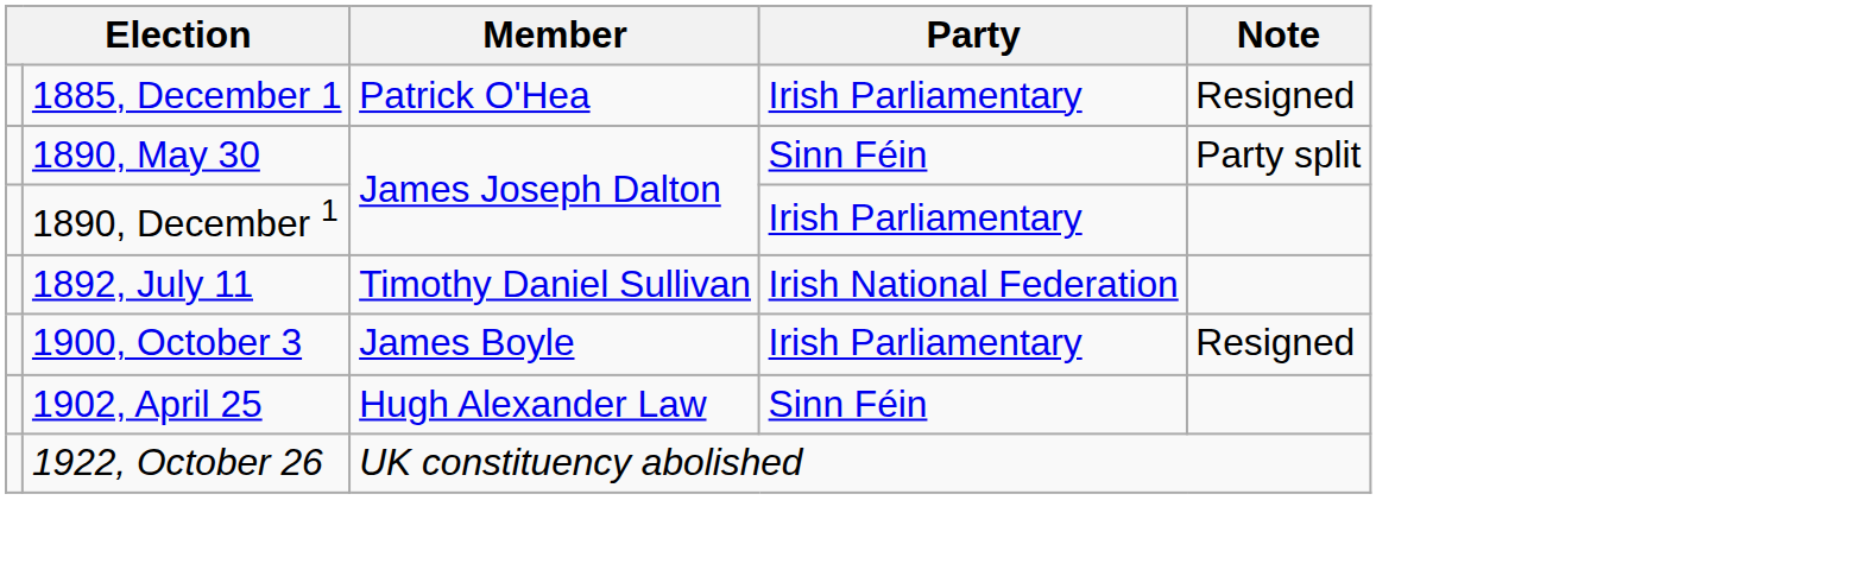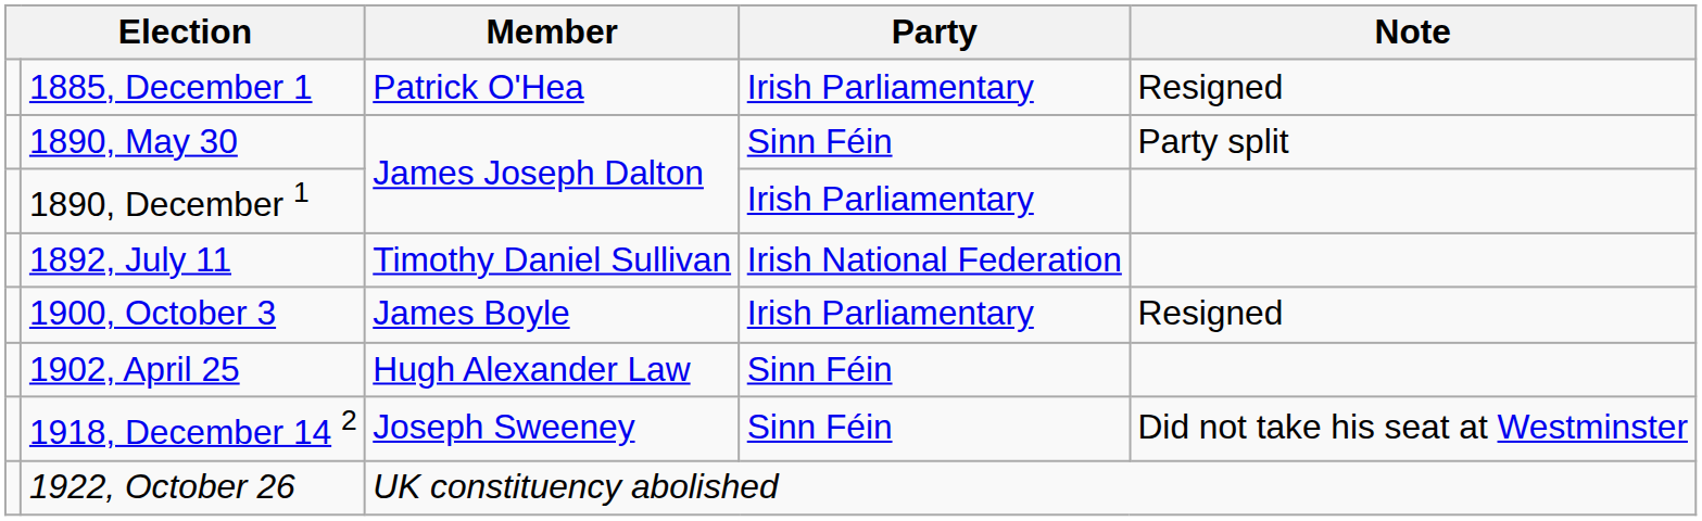 <table class="wikitable">
 <tr>
 <th colspan="2">Election</th>
 <th>Member </th>
 <th>Party</th>
 <th>Note</th>
 </tr>
 <tr>
 <td style="color:inherit;background-color: "></td>
 <td><a href='#'>1885, December 1</a></td>
 <td><a href='#'>Patrick O'Hea</a></td>
 <td><a href='#'>Irish Parliamentary</a></td>
 <td>Resigned</td>
 </tr>
 <tr>
 <td style="color:inherit;background-color: "></td>
 <td><a href='#'>1890, May 30</a></td>
 <td rowspan="2"><a href='#'>James Joseph Dalton</a></td>
 <td><a href='#'>Sinn Féin</a></td>
 <td>Party split</td>
 </tr>
 <tr>
 <td style="color:inherit;background-color: "></td>
 <td>1890, December <sup>1</sup></td>
 <td><a href='#'>Irish Parliamentary</a></td>
 <td></td>
 </tr>
 <tr>
 <td style="color:inherit;background-color: "></td>
 <td><a href='#'>1892, July 11</a></td>
 <td><a href='#'>Timothy Daniel Sullivan</a></td>
 <td><a href='#'>Irish National Federation</a></td>
 <td></td>
 </tr>
 <tr>
 <td style="color:inherit;background-color: "></td>
 <td><a href='#'>1900, October 3</a></td>
 <td><a href='#'>James Boyle</a></td>
 <td><a href='#'>Irish Parliamentary</a></td>
 <td>Resigned</td>
 </tr>
 <tr>
 <td style="color:inherit;background-color: "></td>
 <td><a href='#'>1902, April 25</a></td>
 <td><a href='#'>Hugh Alexander Law</a></td>
 <td><a href='#'>Sinn Féin</a></td>
 <td></td>
 </tr>
 <tr>
+<td style="color:inherit;background-color: "></td>
+<td><a href='#'>1918, December 14</a> <sup>2</sup></td>
+<td><a href='#'>Joseph Sweeney</a></td>
+<td><a href='#'>Sinn Féin</a></td>
+<td>Did not take his seat at <a href='#'>Westminster</a></td>
+</tr>
+<tr>
 <td></td>
 <td><em>1922, October 26</em></td>
 <td colspan="3"><em>UK constituency abolished</em></td>
 </tr>
 </table>
